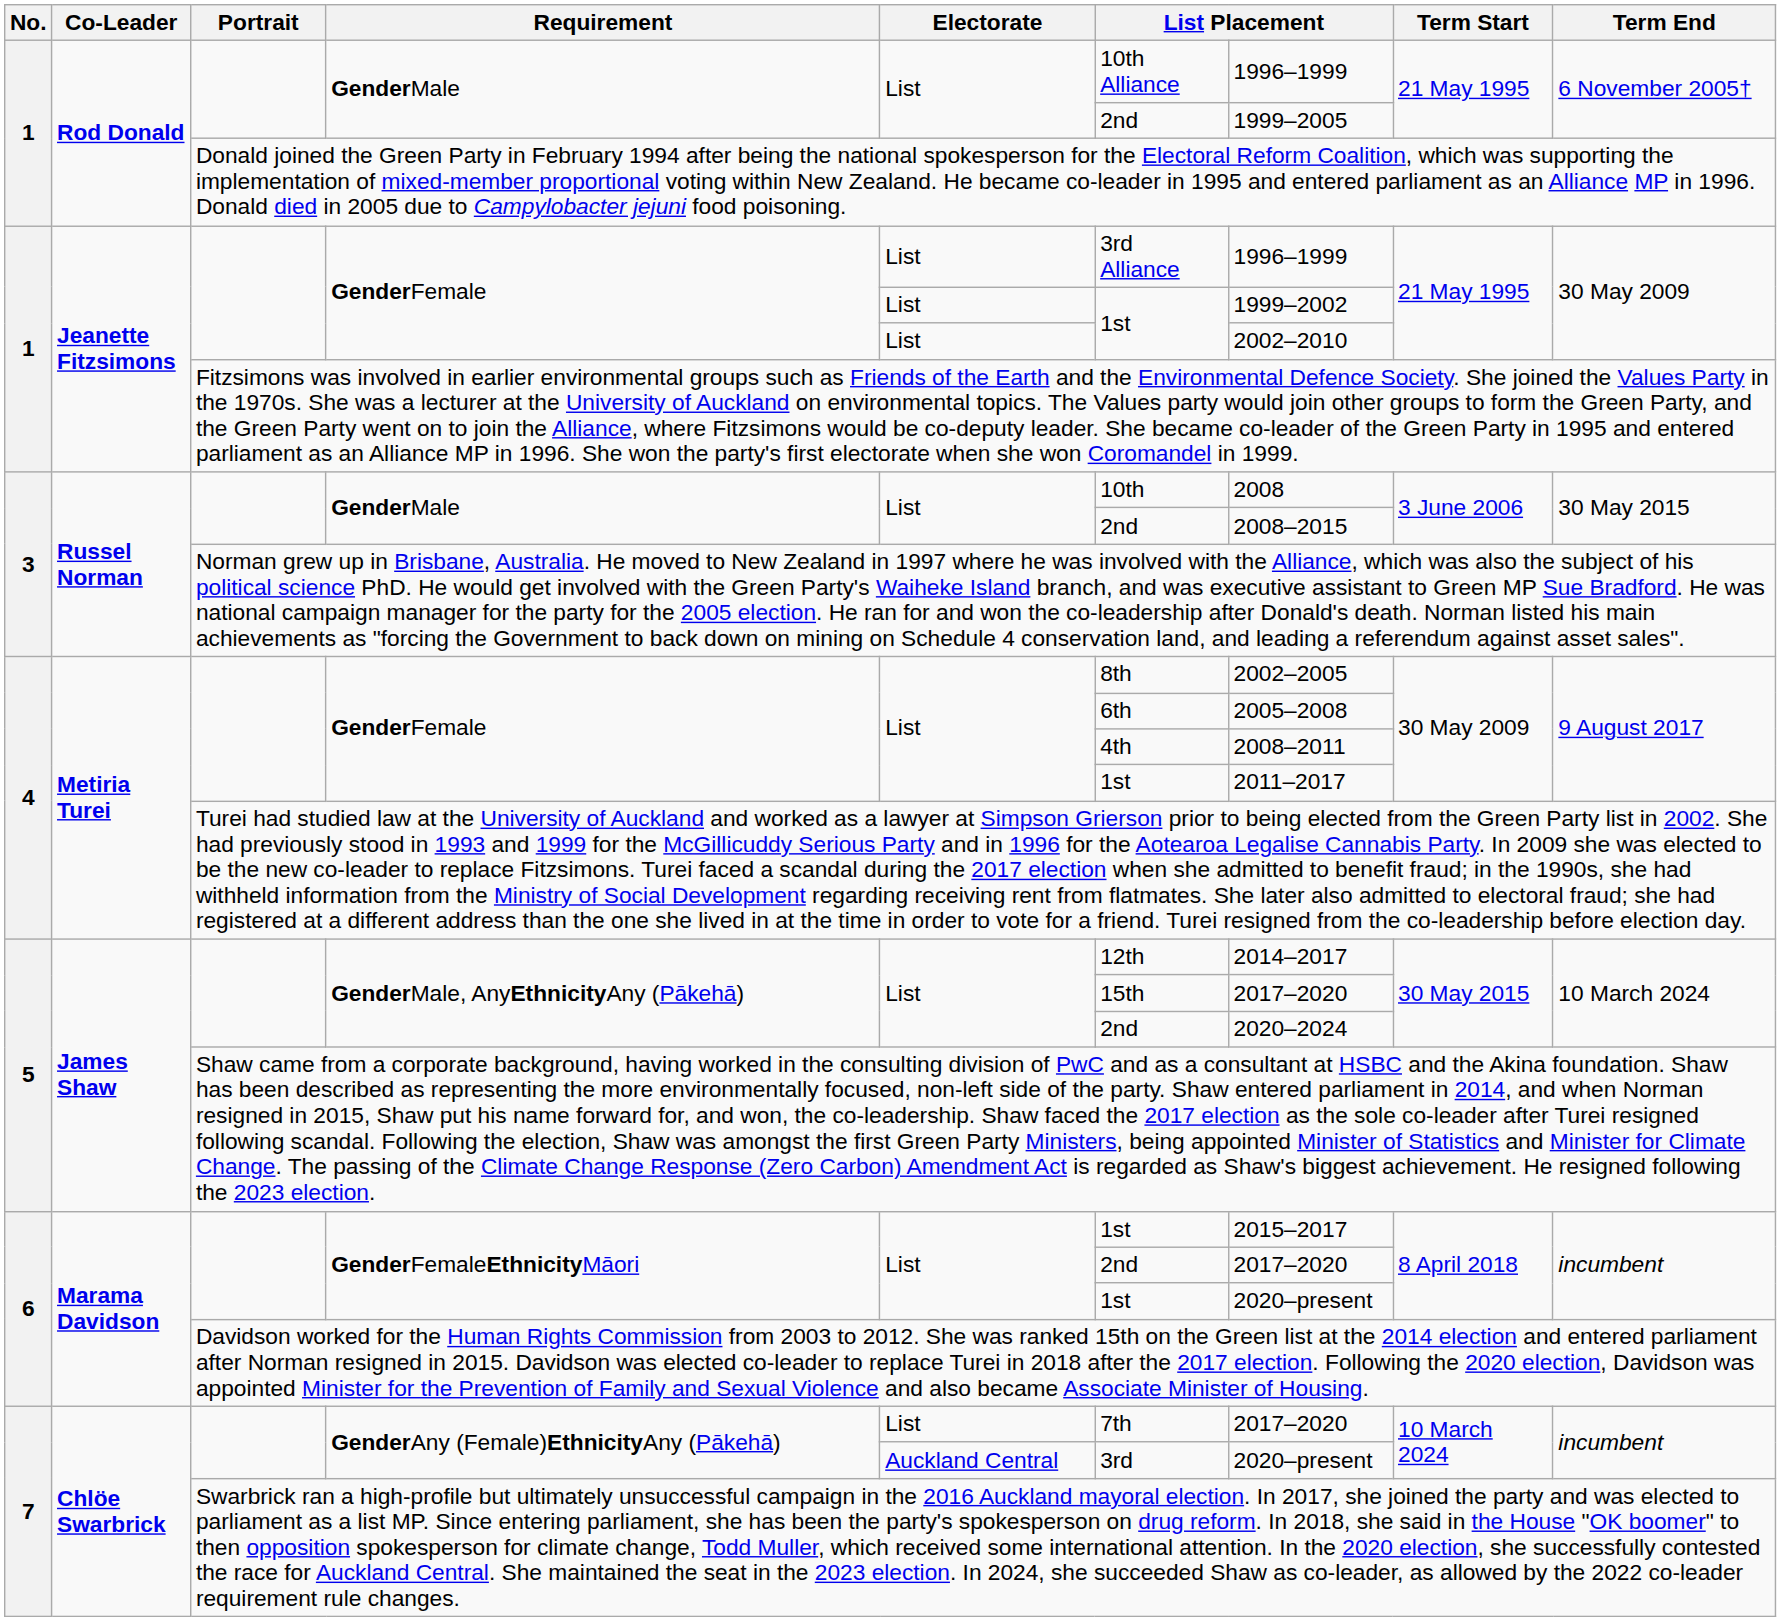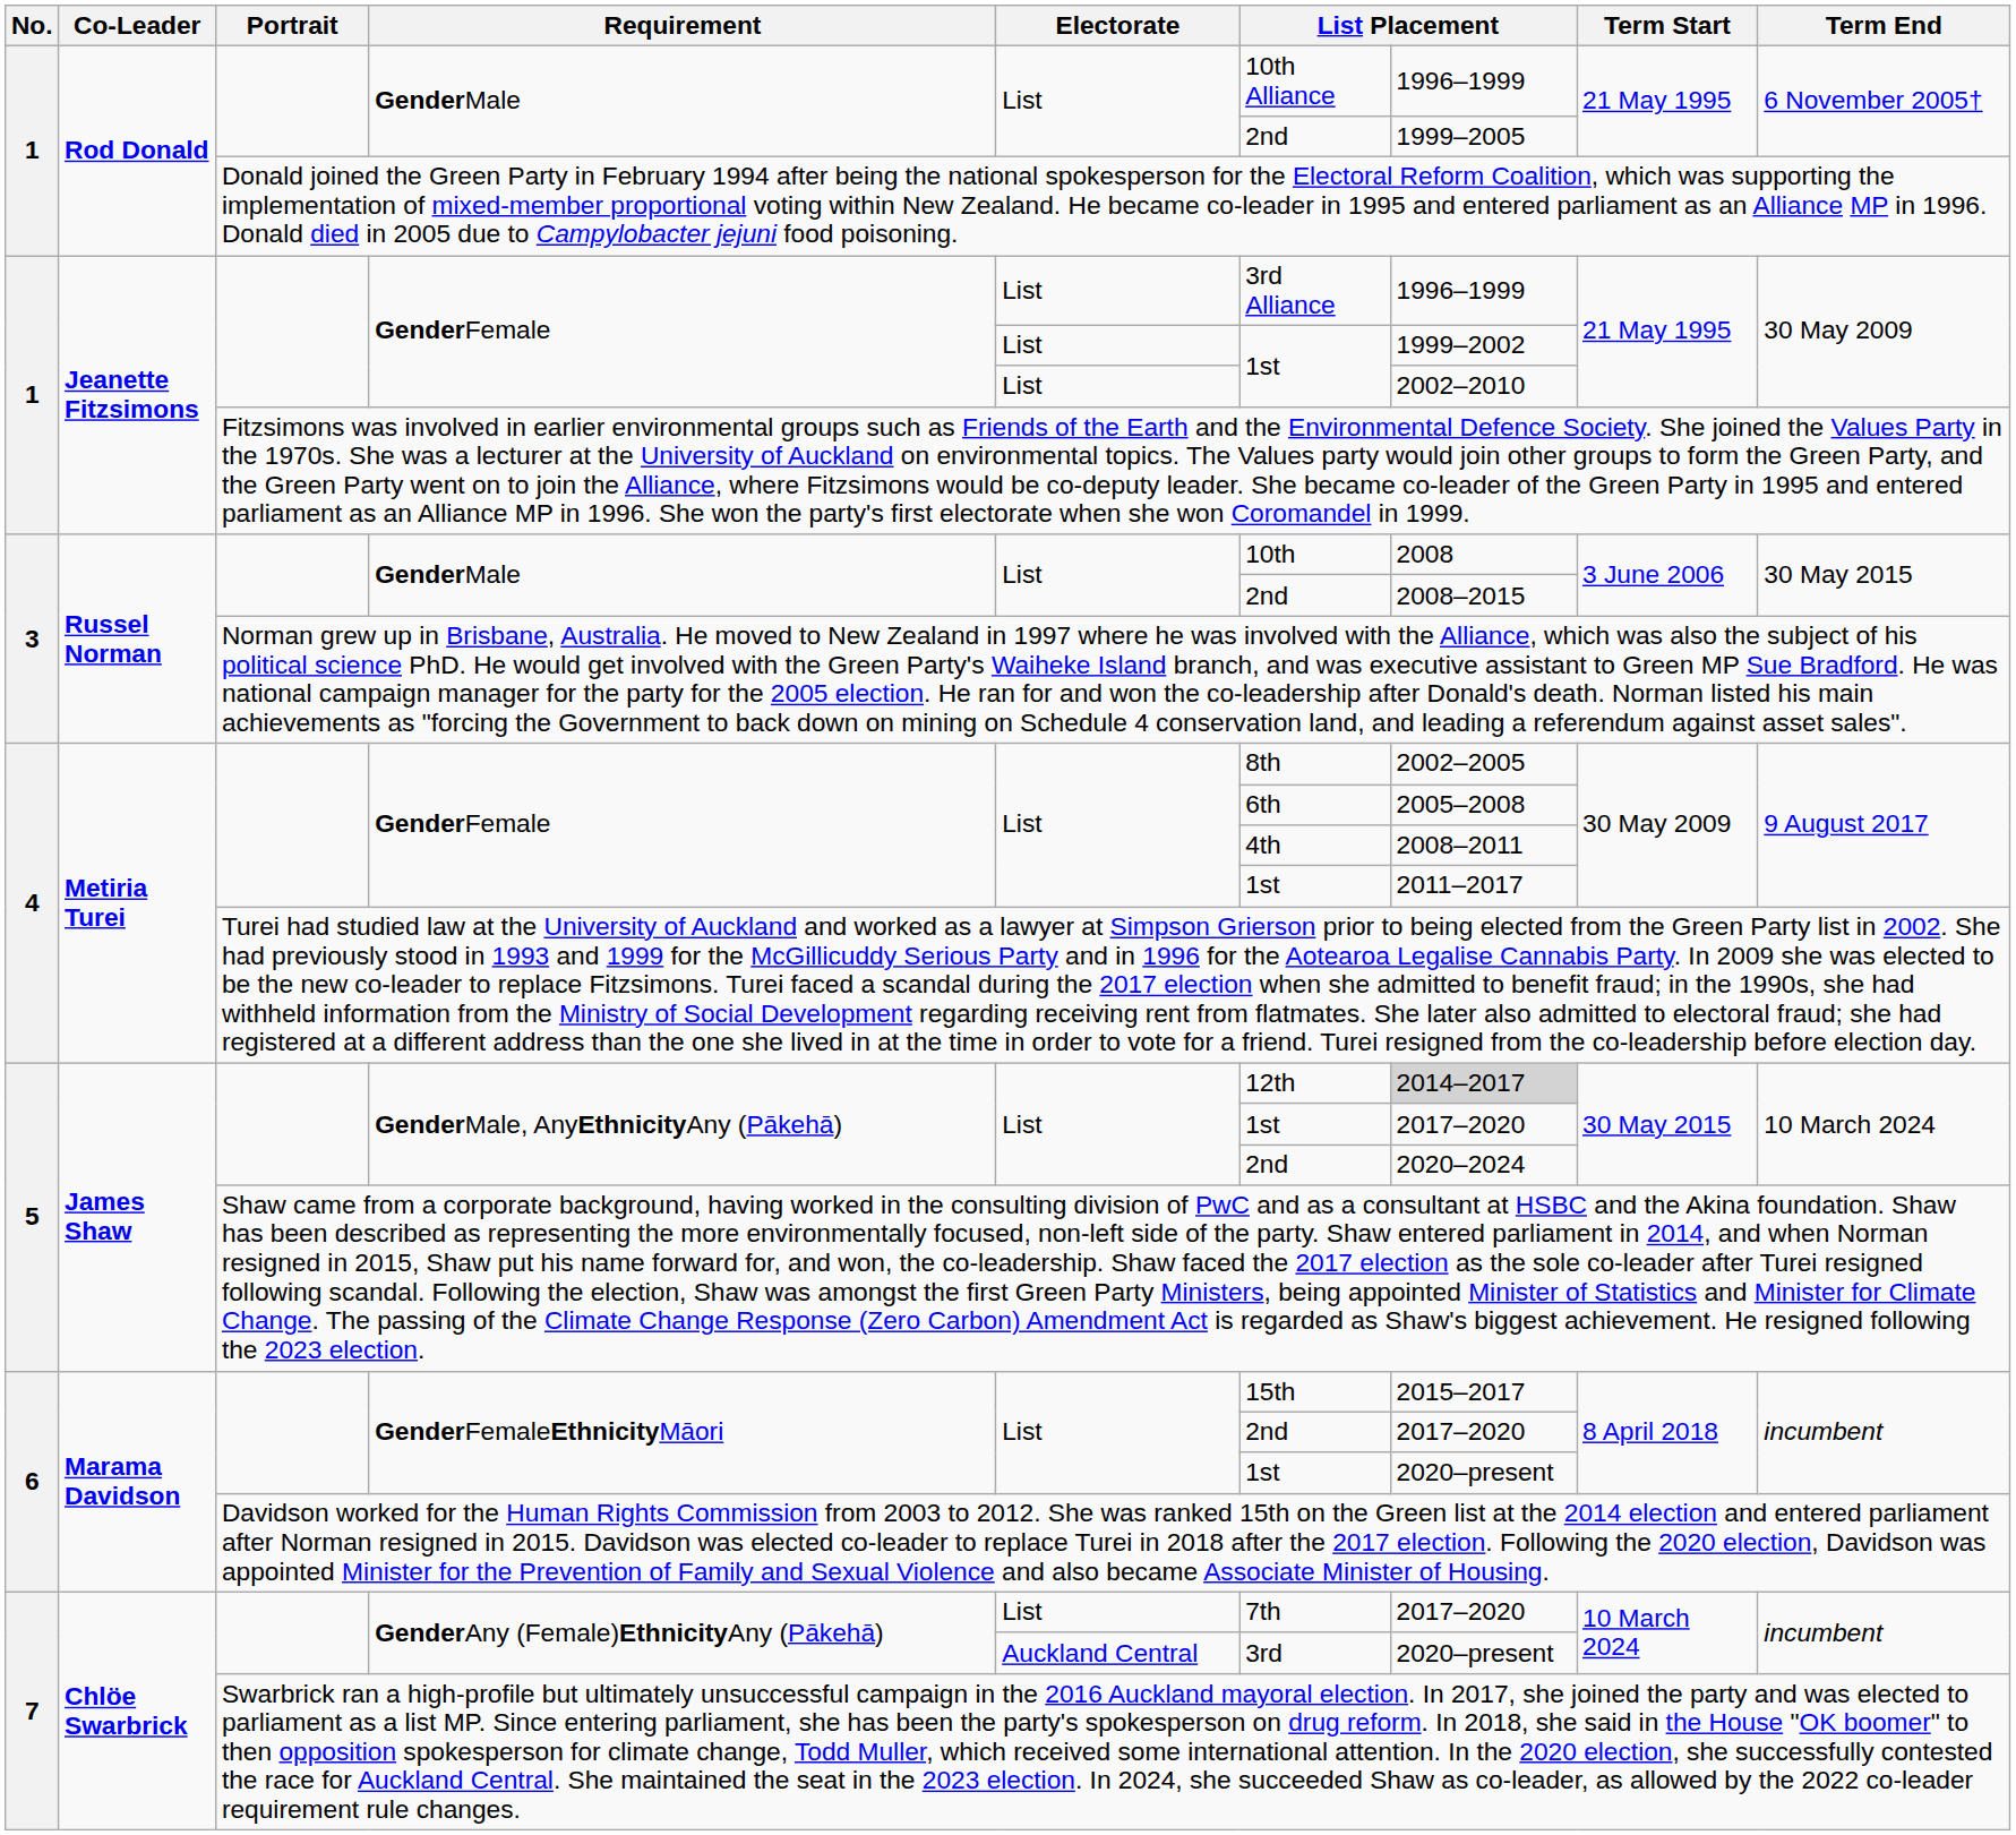 <table class="wikitable">
 <tr>
 <th scope="col">No.</th>
 <th scope="col">Co-Leader</th>
 <th scope="col">Portrait</th>
 <th scope="col">Requirement</th>
 <th scope="col">Electorate</th>
 <th scope="col" colspan="2"><a href='#'>List</a> Placement</th>
 <th scope="col">Term Start</th>
 <th scope="col">Term End</th>
 </tr>
 <tr>
 <th scope="row" rowspan="3">1</th>
 <td rowspan="3"><strong><a href='#'>Rod Donald</a></strong><br></td>
 <td rowspan="2"></td>
 <td rowspan="2"><strong>Gender</strong>Male</td>
 <td rowspan="2">List</td>
 <td>10th<br><a href='#'>Alliance</a></td>
 <td>1996–1999</td>
 <td rowspan="2"><a href='#'>21 May 1995</a></td>
 <td rowspan="2"><a href='#'>6 November 2005†</a></td>
 </tr>
 <tr>
 <td>2nd</td>
 <td>1999–2005</td>
 </tr>
 <tr>
 <td colspan="7">Donald joined the Green Party in February 1994 after being the national spokesperson for the <a href='#'>Electoral Reform Coalition</a>, which was supporting the implementation of <a href='#'>mixed-member proportional</a> voting within New Zealand. He became co-leader in 1995 and entered parliament as an <a href='#'>Alliance</a> <a href='#'>MP</a> in 1996. Donald <a href='#'>died</a> in 2005 due to <em><a href='#'>Campylobacter jejuni</a></em> food poisoning.</td>
 </tr>
 <tr>
 <th scope="row" rowspan="4">1</th>
 <td rowspan="4"><strong><a href='#'>Jeanette Fitzsimons</a></strong><br></td>
 <td rowspan="3"></td>
 <td rowspan="3"><strong>Gender</strong>Female</td>
 <td>List</td>
 <td>3rd<br><a href='#'>Alliance</a></td>
 <td>1996–1999</td>
 <td rowspan="3"><a href='#'>21 May 1995</a></td>
 <td rowspan="3">30 May 2009</td>
 </tr>
 <tr>
 <td>List</td>
 <td rowspan="2">1st</td>
 <td>1999–2002</td>
 </tr>
 <tr>
 <td>List</td>
 <td>2002–2010</td>
 </tr>
 <tr>
 <td colspan="7">Fitzsimons was involved in earlier environmental groups such as <a href='#'>Friends of the Earth</a> and the <a href='#'>Environmental Defence Society</a>. She joined the <a href='#'>Values Party</a> in the 1970s. She was a lecturer at the <a href='#'>University of Auckland</a> on environmental topics. The Values party would join other groups to form the Green Party, and the Green Party went on to join the <a href='#'>Alliance</a>, where Fitzsimons would be co-deputy leader. She became co-leader of the Green Party in 1995 and entered parliament as an Alliance MP in 1996. She won the party's first electorate when she won <a href='#'>Coromandel</a> in 1999.</td>
 </tr>
 <tr>
 <th scope="row" rowspan="3">3</th>
 <td rowspan="3"><strong><a href='#'>Russel Norman</a></strong><br></td>
 <td rowspan="2"></td>
 <td rowspan="2"><strong>Gender</strong>Male</td>
 <td rowspan="2">List</td>
 <td>10th</td>
 <td>2008</td>
 <td rowspan="2"><a href='#'>3 June 2006</a></td>
 <td rowspan="2">30 May 2015</td>
 </tr>
 <tr>
 <td>2nd</td>
 <td>2008–2015</td>
 </tr>
 <tr>
 <td colspan="7">Norman grew up in <a href='#'>Brisbane</a>, <a href='#'>Australia</a>. He moved to New Zealand in 1997 where he was involved with the <a href='#'>Alliance</a>, which was also the subject of his <a href='#'>political science</a> PhD. He would get involved with the Green Party's <a href='#'>Waiheke Island</a> branch, and was executive assistant to Green MP <a href='#'>Sue Bradford</a>. He was national campaign manager for the party for the <a href='#'>2005 election</a>. He ran for and won the co-leadership after Donald's death. Norman listed his main achievements as "forcing the Government to back down on mining on Schedule 4 conservation land, and leading a referendum against asset sales".</td>
 </tr>
 <tr>
 <th scope="row" rowspan="5">4</th>
 <td rowspan="5"><strong><a href='#'>Metiria Turei</a></strong><br></td>
 <td rowspan="4"></td>
 <td rowspan="4"><strong>Gender</strong>Female</td>
 <td rowspan="4">List</td>
 <td>8th</td>
 <td>2002–2005</td>
 <td rowspan="4">30 May 2009</td>
 <td rowspan="4"><a href='#'>9 August 2017</a></td>
 </tr>
 <tr>
 <td>6th</td>
 <td>2005–2008</td>
 </tr>
 <tr>
 <td>4th</td>
 <td>2008–2011</td>
 </tr>
 <tr>
 <td>1st</td>
 <td>2011–2017</td>
 </tr>
 <tr>
 <td colspan="7">Turei had studied law at the <a href='#'>University of Auckland</a> and worked as a lawyer at <a href='#'>Simpson Grierson</a> prior to being elected from the Green Party list in <a href='#'>2002</a>. She had previously stood in <a href='#'>1993</a> and <a href='#'>1999</a> for the <a href='#'>McGillicuddy Serious Party</a> and in <a href='#'>1996</a> for the <a href='#'>Aotearoa Legalise Cannabis Party</a>. In 2009 she was elected to be the new co-leader to replace Fitzsimons. Turei faced a scandal during the <a href='#'>2017 election</a> when she admitted to benefit fraud; in the 1990s, she had withheld information from the <a href='#'>Ministry of Social Development</a> regarding receiving rent from flatmates. She later also admitted to electoral fraud; she had registered at a different address than the one she lived in at the time in order to vote for a friend. Turei resigned from the co-leadership before election day.</td>
 </tr>
 <tr>
 <th scope="row" rowspan="4">5</th>
 <td rowspan="4"><a href='#'><strong>James Shaw</strong></a><br></td>
 <td rowspan="3"></td>
 <td rowspan="3"><strong>Gender</strong>Male, Any<strong>Ethnicity</strong>Any (<a href='#'>Pākehā</a>)</td>
 <td rowspan="3">List</td>
 <td>12th</td>
-<td>2014–2017</td>
+<td style="background: lightgrey;">2014–2017</td>
 <td rowspan="3"><a href='#'>30 May 2015</a></td>
 <td rowspan="3">10 March 2024</td>
 </tr>
 <tr>
-<td>15th</td>
+<td>1st</td>
 <td>2017–2020</td>
 </tr>
 <tr>
 <td>2nd</td>
 <td>2020–2024</td>
 </tr>
 <tr>
 <td colspan="7">Shaw came from a corporate background, having worked in the consulting division of <a href='#'>PwC</a> and as a consultant at <a href='#'>HSBC</a> and the Akina foundation. Shaw has been described as representing the more environmentally focused, non-left side of the party. Shaw entered parliament in <a href='#'>2014</a>, and when Norman resigned in 2015, Shaw put his name forward for, and won, the co-leadership. Shaw faced the <a href='#'>2017 election</a> as the sole co-leader after Turei resigned following scandal. Following the election, Shaw was amongst the first Green Party <a href='#'>Ministers</a>, being appointed <a href='#'>Minister of Statistics</a> and <a href='#'>Minister for Climate Change</a>. The passing of the <a href='#'>Climate Change Response (Zero Carbon) Amendment Act</a> is regarded as Shaw's biggest achievement. He resigned following the <a href='#'>2023 election</a>.</td>
 </tr>
 <tr>
 <th scope="row" rowspan="4">6</th>
 <td rowspan="4"><strong><a href='#'>Marama Davidson</a></strong><br></td>
 <td rowspan="3"></td>
 <td rowspan="3"><strong>Gender</strong>Female<strong>Ethnicity</strong><a href='#'>Māori</a></td>
 <td rowspan="3">List</td>
-<td>1st</td>
+<td>15th</td>
 <td>2015–2017</td>
 <td rowspan="3"><a href='#'>8 April 2018</a></td>
 <td rowspan="3"><em>incumbent</em></td>
 </tr>
 <tr>
 <td>2nd</td>
 <td>2017–2020</td>
 </tr>
 <tr>
 <td>1st</td>
 <td>2020–present</td>
 </tr>
 <tr>
 <td colspan="7">Davidson worked for the <a href='#'>Human Rights Commission</a> from 2003 to 2012. She was ranked 15th on the Green list at the <a href='#'>2014 election</a> and entered parliament after Norman resigned in 2015. Davidson was elected co-leader to replace Turei in 2018 after the <a href='#'>2017 election</a>. Following the <a href='#'>2020 election</a>, Davidson was appointed <a href='#'>Minister for the Prevention of Family and Sexual Violence</a> and also became <a href='#'>Associate Minister of Housing</a>.</td>
 </tr>
 <tr>
 <th scope="row" rowspan="3">7</th>
 <td rowspan="3"><strong><a href='#'>Chlöe Swarbrick</a></strong><br></td>
 <td rowspan="2"></td>
 <td rowspan="2"><strong>Gender</strong>Any (Female)<strong>Ethnicity</strong>Any (<a href='#'>Pākehā</a>)</td>
 <td>List</td>
 <td>7th</td>
 <td>2017–2020</td>
 <td rowspan="2"><a href='#'>10 March 2024</a></td>
 <td rowspan="2"><em>incumbent</em></td>
 </tr>
 <tr>
 <td><a href='#'>Auckland Central</a></td>
 <td>3rd</td>
 <td>2020–present</td>
 </tr>
 <tr>
 <td colspan="7">Swarbrick ran a high-profile but ultimately unsuccessful campaign in the <a href='#'>2016 Auckland mayoral election</a>. In 2017, she joined the party and was elected to parliament as a list MP. Since entering parliament, she has been the party's spokesperson on <a href='#'>drug reform</a>. In 2018, she said in <a href='#'>the House</a> "<a href='#'>OK boomer</a>" to then <a href='#'>opposition</a> spokesperson for climate change, <a href='#'>Todd Muller</a>, which received some international attention. In the <a href='#'>2020 election</a>, she successfully contested the race for <a href='#'>Auckland Central</a>. She maintained the seat in the <a href='#'>2023 election</a>. In 2024, she succeeded Shaw as co-leader, as allowed by the 2022 co-leader requirement rule changes.</td>
 </tr>
 </table>
